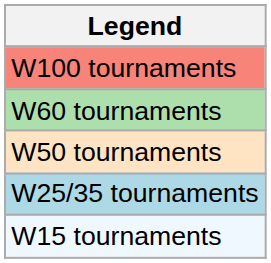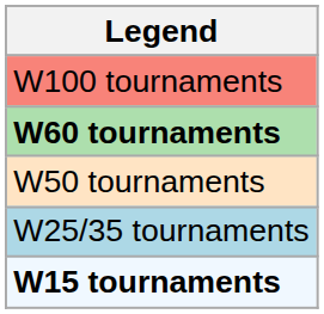 <table class=wikitable style=font-size:85%>
 <tr>
 <th>Legend</th>
 </tr>
 <tr style="background:#f88379;">
 <td>W100 tournaments</td>
 </tr>
 <tr style="background:#addfad;">
-<td>W60 tournaments</td>
+<td><strong>W60 tournaments</strong></td>
 </tr>
 <tr style="background:#ffe4c4;">
 <td>W50 tournaments</td>
 </tr>
 <tr style="background:lightblue;">
 <td>W25/35 tournaments</td>
 </tr>
 <tr style="background:#f0f8ff;">
-<td>W15 tournaments</td>
+<td><strong>W15 tournaments</strong></td>
 </tr>
 </table>
